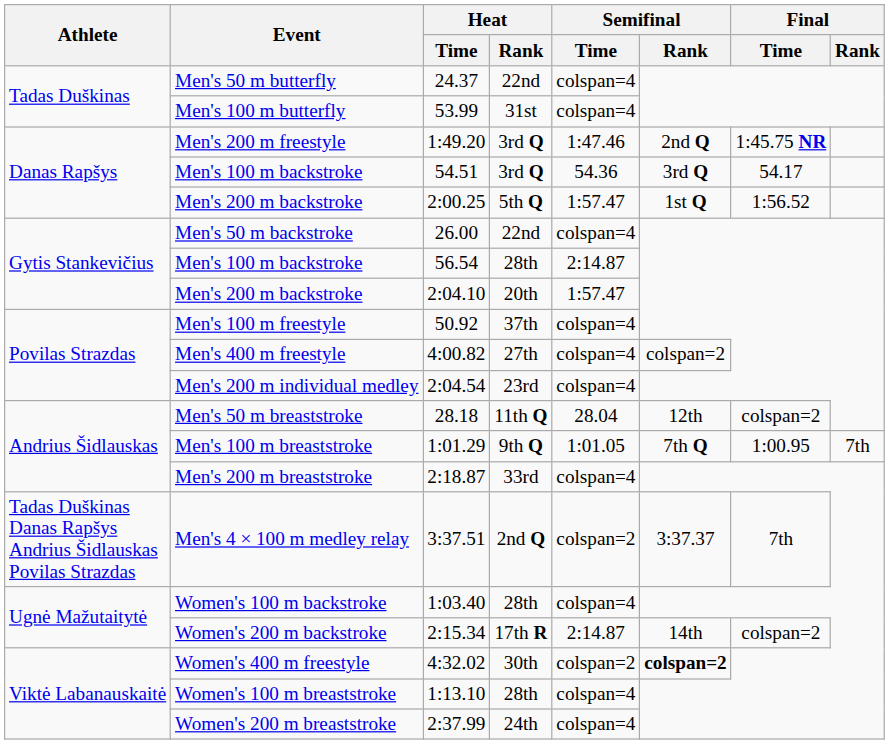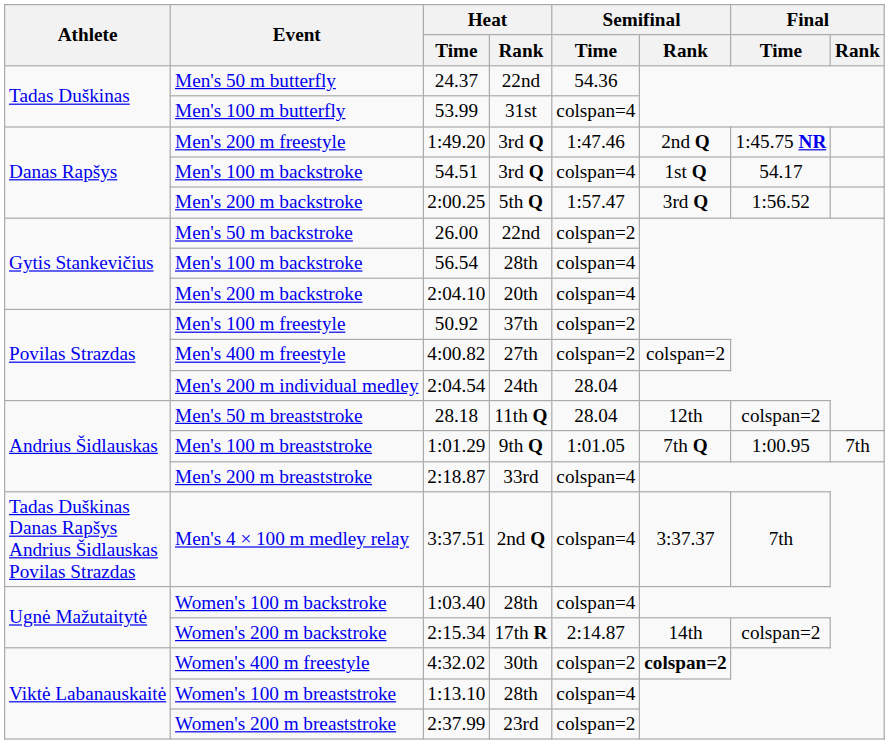 <table class="wikitable">
 <tr>
 <th rowspan="2">Athlete</th>
 <th rowspan="2">Event</th>
 <th colspan="2">Heat</th>
 <th colspan="2">Semifinal</th>
 <th colspan="2">Final</th>
 </tr>
 <tr>
 <th>Time</th>
 <th>Rank</th>
 <th>Time</th>
 <th>Rank</th>
 <th>Time</th>
 <th>Rank</th>
 </tr>
 <tr style=text-align:center>
 <td style=text-align:left rowspan=2><a href='#'>Tadas Duškinas</a></td>
 <td style=text-align:left><a href='#'>Men's 50 m butterfly</a></td>
 <td>24.37</td>
 <td>22nd</td>
-<td>colspan=4 </td>
+<td>54.36</td>
 </tr>
 <tr style=text-align:center>
 <td style=text-align:left><a href='#'>Men's 100 m butterfly</a></td>
 <td>53.99</td>
 <td>31st</td>
 <td>colspan=4 </td>
 </tr>
 <tr style=text-align:center>
 <td style=text-align:left rowspan=3><a href='#'>Danas Rapšys</a></td>
 <td style=text-align:left><a href='#'>Men's 200 m freestyle</a></td>
 <td>1:49.20</td>
 <td>3rd <strong>Q</strong></td>
 <td>1:47.46</td>
 <td>2nd <strong>Q</strong></td>
 <td>1:45.75 <strong><a href='#'>NR</a></strong></td>
 <td></td>
 </tr>
 <tr style=text-align:center>
 <td style=text-align:left><a href='#'>Men's 100 m backstroke</a></td>
 <td>54.51</td>
 <td>3rd <strong>Q</strong></td>
-<td>54.36</td>
-<td>3rd <strong>Q</strong></td>
+<td>colspan=4 </td>
+<td>1st <strong>Q</strong></td>
 <td>54.17</td>
 <td></td>
 </tr>
 <tr style=text-align:center>
 <td style=text-align:left><a href='#'>Men's 200 m backstroke</a></td>
 <td>2:00.25</td>
 <td>5th <strong>Q</strong></td>
 <td>1:57.47</td>
-<td>1st <strong>Q</strong></td>
+<td>3rd <strong>Q</strong></td>
 <td>1:56.52</td>
 <td></td>
 </tr>
 <tr style=text-align:center>
 <td style=text-align:left rowspan=3><a href='#'>Gytis Stankevičius</a></td>
 <td style=text-align:left><a href='#'>Men's 50 m backstroke</a></td>
 <td>26.00</td>
 <td>22nd</td>
-<td>colspan=4 </td>
+<td>colspan=2 </td>
 </tr>
 <tr style=text-align:center>
 <td style=text-align:left><a href='#'>Men's 100 m backstroke</a></td>
 <td>56.54</td>
 <td>28th</td>
-<td>2:14.87</td>
+<td>colspan=4 </td>
 </tr>
 <tr style=text-align:center>
 <td style=text-align:left><a href='#'>Men's 200 m backstroke</a></td>
 <td>2:04.10</td>
 <td>20th</td>
-<td>1:57.47</td>
+<td>colspan=4 </td>
 </tr>
 <tr style=text-align:center>
 <td style=text-align:left rowspan=3><a href='#'>Povilas Strazdas</a></td>
 <td style=text-align:left><a href='#'>Men's 100 m freestyle</a></td>
 <td>50.92</td>
 <td>37th</td>
-<td>colspan=4 </td>
+<td>colspan=2 </td>
 </tr>
 <tr style=text-align:center>
 <td style=text-align:left><a href='#'>Men's 400 m freestyle</a></td>
 <td>4:00.82</td>
 <td>27th</td>
-<td>colspan=4 </td>
+<td>colspan=2 </td>
 <td>colspan=2 </td>
 </tr>
 <tr style=text-align:center>
 <td style=text-align:left><a href='#'>Men's 200 m individual medley</a></td>
 <td>2:04.54</td>
-<td>23rd</td>
-<td>colspan=4 </td>
+<td>24th</td>
+<td>28.04</td>
 </tr>
 <tr style=text-align:center>
 <td style=text-align:left rowspan=3><a href='#'>Andrius Šidlauskas</a></td>
 <td style=text-align:left><a href='#'>Men's 50 m breaststroke</a></td>
 <td>28.18</td>
 <td>11th <strong>Q</strong></td>
 <td>28.04</td>
 <td>12th</td>
 <td>colspan=2 </td>
 </tr>
 <tr style=text-align:center>
 <td style=text-align:left><a href='#'>Men's 100 m breaststroke</a></td>
 <td>1:01.29</td>
 <td>9th <strong>Q</strong></td>
 <td>1:01.05</td>
 <td>7th <strong>Q</strong></td>
 <td>1:00.95</td>
 <td>7th</td>
 </tr>
 <tr style=text-align:center>
 <td style=text-align:left><a href='#'>Men's 200 m breaststroke</a></td>
 <td>2:18.87</td>
 <td>33rd</td>
 <td>colspan=4 </td>
 </tr>
 <tr style=text-align:center>
 <td style=text-align:left><a href='#'>Tadas Duškinas</a><br><a href='#'>Danas Rapšys</a><br><a href='#'>Andrius Šidlauskas</a><br><a href='#'>Povilas Strazdas</a></td>
 <td style=text-align:left><a href='#'>Men's 4 × 100 m medley relay</a></td>
 <td>3:37.51</td>
 <td>2nd <strong>Q</strong></td>
-<td>colspan=2 </td>
+<td>colspan=4 </td>
 <td>3:37.37</td>
 <td>7th</td>
 </tr>
 <tr style=text-align:center>
 <td style=text-align:left rowspan=2><a href='#'>Ugnė Mažutaitytė</a></td>
 <td style=text-align:left><a href='#'>Women's 100 m backstroke</a></td>
 <td>1:03.40</td>
 <td>28th</td>
 <td>colspan=4 </td>
 </tr>
 <tr style=text-align:center>
 <td style=text-align:left><a href='#'>Women's 200 m backstroke</a></td>
 <td>2:15.34</td>
 <td>17th <strong>R</strong></td>
 <td>2:14.87</td>
 <td>14th</td>
 <td>colspan=2 </td>
 </tr>
 <tr style=text-align:center>
 <td style=text-align:left rowspan=3><a href='#'>Viktė Labanauskaitė</a></td>
 <td style=text-align:left><a href='#'>Women's 400 m freestyle</a></td>
 <td>4:32.02</td>
 <td>30th</td>
 <td>colspan=2 </td>
 <td><strong>colspan=2 </strong></td>
 </tr>
 <tr style=text-align:center>
 <td style=text-align:left><a href='#'>Women's 100 m breaststroke</a></td>
 <td>1:13.10</td>
 <td>28th</td>
 <td>colspan=4 </td>
 </tr>
 <tr style=text-align:center>
 <td style=text-align:left><a href='#'>Women's 200 m breaststroke</a></td>
 <td>2:37.99</td>
-<td>24th</td>
-<td>colspan=4 </td>
+<td>23rd</td>
+<td>colspan=2 </td>
 </tr>
 </table>
